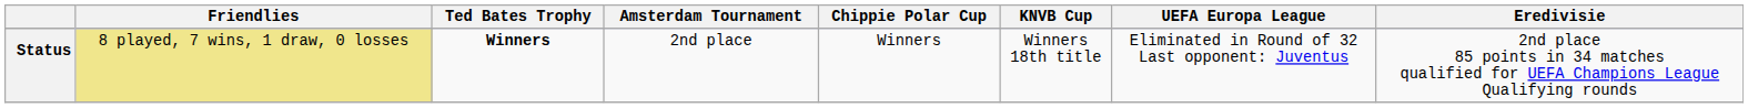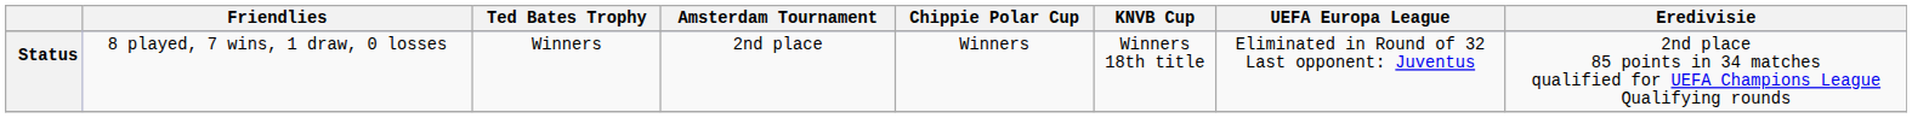 <table class="wikitable" style="width:100%; font-size:85%;">
 <tr>
 <th></th>
 <th style="border-bottom:1px solid #B5B7CF;">Friendlies</th>
 <th style="border-bottom:1px solid #B5B7CF;">Ted Bates Trophy</th>
 <th style="border-bottom:1px solid #B5B7CF;">Amsterdam Tournament</th>
 <th style="border-bottom:1px solid #B5B7CF;">Chippie Polar Cup</th>
 <th style="border-bottom:1px solid #B5B7CF;">KNVB Cup</th>
 <th style="border-bottom:1px solid #B5B7CF;">UEFA Europa League</th>
 <th style="border-bottom:1px solid #B5B7CF;">Eredivisie</th>
 </tr>
 <tr>
 </tr>
 <tr style="font-size:100%;" valign="top">
 <th style="border-right:1px solid #B5B7CF;text-align:right;padding-top:10px;">Status</th>
-<td align=center style="background: khaki;">8 played, 7 wins, 1 draw, 0 losses</td>
-<td align=center><strong>Winners</strong></td>
+<td align=center>8 played, 7 wins, 1 draw, 0 losses</td>
+<td align=center>Winners</td>
 <td align=center>2nd place</td>
 <td align=center>Winners</td>
 <td align=center>Winners<br>18th title</td>
 <td align=center>Eliminated in Round of 32<br>Last opponent: <a href='#'>Juventus</a></td>
 <td align=center>2nd place<br>85 points in 34 matches<br>qualified for <a href='#'>UEFA Champions League</a><br>Qualifying rounds</td>
 </tr>
 <tr>
 </tr>
 </table>
